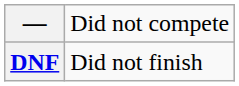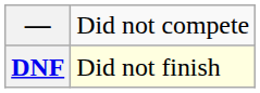 <table class="wikitable plainrowheaders">
 <tr>
 <th scope="row">—</th>
 <td>Did not compete</td>
 </tr>
 <tr>
 <th scope="row"><a href='#'>DNF</a></th>
-<td>Did not finish</td>
+<td style="background: lightyellow;">Did not finish</td>
 </tr>
 </table>
